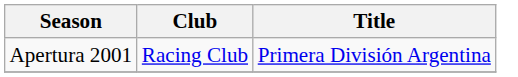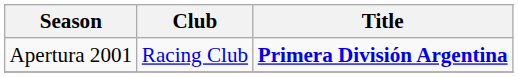 <table class="wikitable">
 <tr>
 <th>Season</th>
 <th>Club</th>
 <th>Title</th>
 </tr>
 <tr>
 <td>Apertura 2001</td>
 <td><a href='#'>Racing Club</a></td>
-<td><a href='#'>Primera División Argentina</a></td>
+<td><strong><a href='#'>Primera División Argentina</a></strong></td>
 </tr>
 <tr>
 </tr>
 </table>
